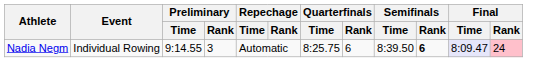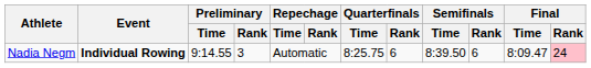 <table class="wikitable">
 <tr>
 <th rowspan="2">Athlete</th>
 <th rowspan="2">Event</th>
 <th colspan="2">Preliminary</th>
 <th colspan="2">Repechage</th>
 <th colspan="2">Quarterfinals</th>
 <th colspan="2">Semifinals</th>
 <th colspan="2">Final</th>
 </tr>
 <tr>
 <th>Time</th>
 <th>Rank</th>
 <th>Time</th>
 <th>Rank</th>
 <th>Time</th>
 <th>Rank</th>
 <th>Time</th>
 <th>Rank</th>
 <th>Time</th>
 <th>Rank</th>
 </tr>
 <tr>
 <td><a href='#'>Nadia Negm</a></td>
-<td>Individual Rowing</td>
+<td><strong>Individual Rowing</strong></td>
 <td>9:14.55</td>
 <td>3</td>
 <td colspan="2">Automatic</td>
 <td>8:25.75</td>
 <td>6</td>
 <td>8:39.50</td>
-<td><strong>6</strong></td>
-<td style="background: lavender;">8:09.47</td>
+<td>6</td>
+<td>8:09.47</td>
 <td style="background: pink;">24</td>
 </tr>
 </table>
